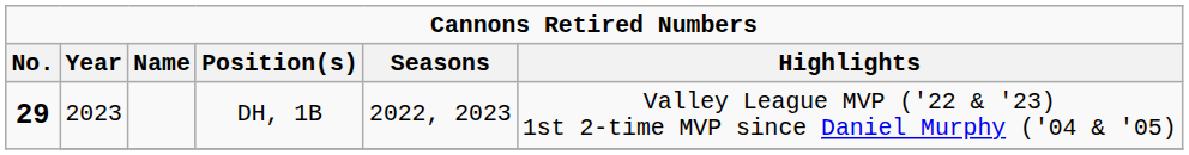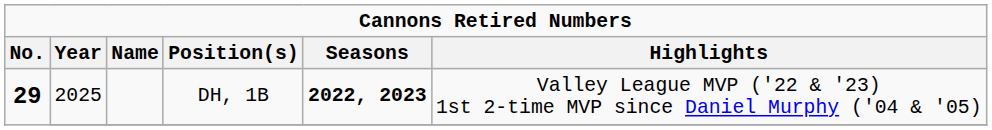 <table class="wikitable" style="text-align:center">
 <tr>
 <td colspan="6"><strong>Cannons Retired Numbers</strong></td>
 </tr>
 <tr>
 <th scope="col">No.</th>
 <th scope="col">Year</th>
 <th scope="col">Name</th>
 <th scope="col">Position(s)</th>
 <th scope="col">Seasons</th>
 <th scope="col">Highlights</th>
 </tr>
 <tr>
 <td rowspan=2><strong><big>29</big></strong></td>
-<td>2023</td>
+<td>2025</td>
 <td></td>
 <td>DH, 1B</td>
-<td>2022, 2023</td>
+<td><strong>2022, 2023</strong></td>
 <td>Valley League MVP ('22 & '23)<br>1st 2-time MVP since <a href='#'>Daniel Murphy</a> ('04 & '05)</td>
 </tr>
 <tr>
 </tr>
 </table>
